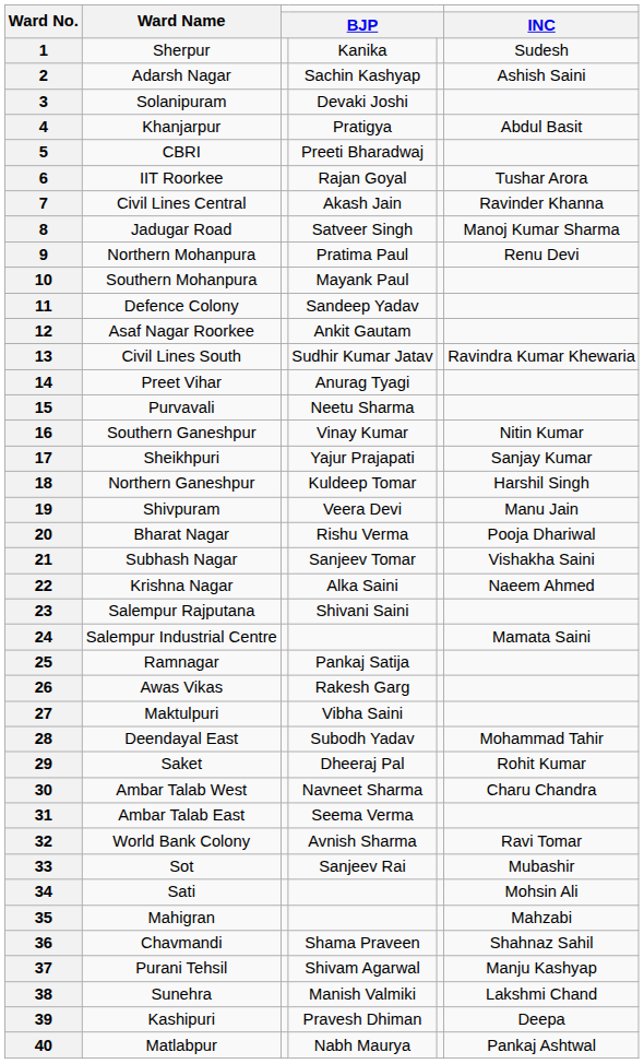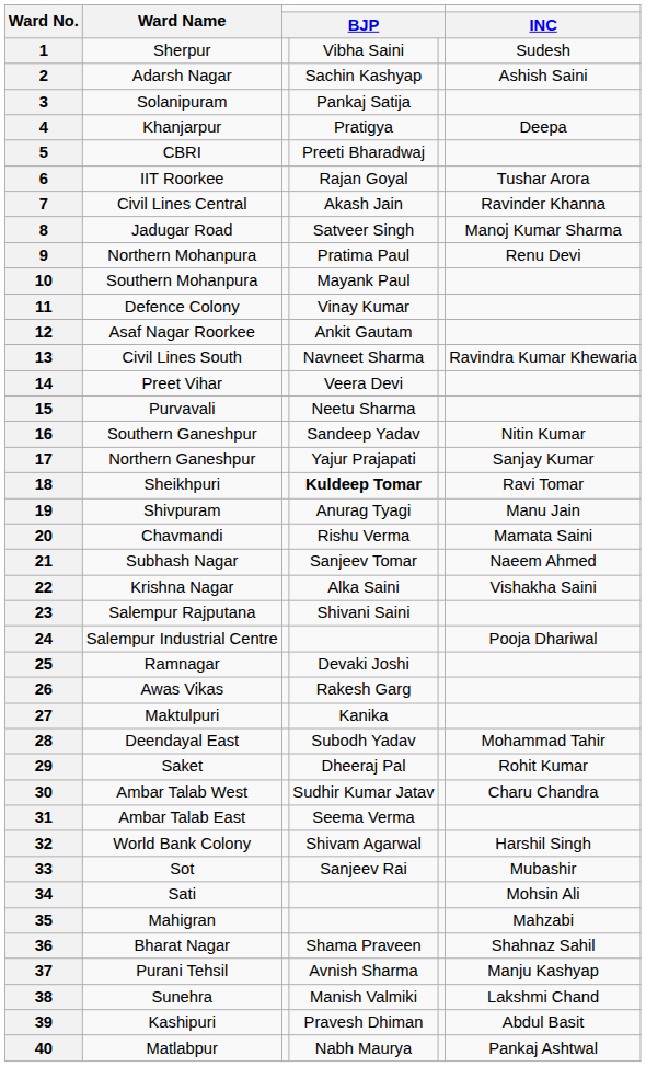 <table class="wikitable sortable" style="text-align:center;">
 <tr>
 <th rowspan="2">Ward No.</th>
 <th rowspan="2">Ward Name</th>
 <td colspan="3" style="background:"></td>
 <td colspan="3" style="background:"></td>
 </tr>
 <tr>
 <th colspan="3"><a href='#'>BJP</a></th>
 <th colspan="3"><a href='#'>INC</a></th>
 </tr>
 <tr>
 <th>1</th>
 <td>Sherpur</td>
 <td></td>
-<td>Kanika</td>
+<td>Vibha Saini</td>
 <td></td>
 <td>Sudesh</td>
 </tr>
 <tr>
 <th>2</th>
 <td>Adarsh Nagar</td>
 <td></td>
 <td>Sachin Kashyap</td>
 <td></td>
 <td>Ashish Saini</td>
 </tr>
 <tr>
 <th>3</th>
 <td>Solanipuram</td>
 <td></td>
-<td>Devaki Joshi</td>
+<td>Pankaj Satija</td>
 <td></td>
 <td></td>
 </tr>
 <tr>
 <th>4</th>
 <td>Khanjarpur</td>
 <td></td>
 <td>Pratigya</td>
 <td></td>
-<td>Abdul Basit</td>
+<td>Deepa</td>
 </tr>
 <tr>
 <th>5</th>
 <td>CBRI</td>
 <td></td>
 <td>Preeti Bharadwaj</td>
 <td></td>
 <td></td>
 </tr>
 <tr>
 <th>6</th>
 <td>IIT Roorkee</td>
 <td></td>
 <td>Rajan Goyal</td>
 <td></td>
 <td>Tushar Arora</td>
 </tr>
 <tr>
 <th>7</th>
 <td>Civil Lines Central</td>
 <td></td>
 <td>Akash Jain</td>
 <td></td>
 <td>Ravinder Khanna</td>
 </tr>
 <tr>
 <th>8</th>
 <td>Jadugar Road</td>
 <td></td>
 <td>Satveer Singh</td>
 <td></td>
 <td>Manoj Kumar Sharma</td>
 </tr>
 <tr>
 <th>9</th>
 <td>Northern Mohanpura</td>
 <td></td>
 <td>Pratima Paul</td>
 <td></td>
 <td>Renu Devi</td>
 </tr>
 <tr>
 <th>10</th>
 <td>Southern Mohanpura</td>
 <td></td>
 <td>Mayank Paul</td>
 <td></td>
 <td></td>
 </tr>
 <tr>
 <th>11</th>
 <td>Defence Colony</td>
 <td></td>
-<td>Sandeep Yadav</td>
+<td>Vinay Kumar</td>
 <td></td>
 <td></td>
 </tr>
 <tr>
 <th>12</th>
 <td>Asaf Nagar Roorkee</td>
 <td></td>
 <td>Ankit Gautam</td>
 <td></td>
 <td></td>
 </tr>
 <tr>
 <th>13</th>
 <td>Civil Lines South</td>
 <td></td>
-<td>Sudhir Kumar Jatav</td>
+<td>Navneet Sharma</td>
 <td></td>
 <td>Ravindra Kumar Khewaria</td>
 </tr>
 <tr>
 <th>14</th>
 <td>Preet Vihar</td>
 <td></td>
-<td>Anurag Tyagi</td>
+<td>Veera Devi</td>
 <td></td>
 <td></td>
 </tr>
 <tr>
 <th>15</th>
 <td>Purvavali</td>
 <td></td>
 <td>Neetu Sharma</td>
 <td></td>
 <td></td>
 </tr>
 <tr>
 <th>16</th>
 <td>Southern Ganeshpur</td>
 <td></td>
-<td>Vinay Kumar</td>
+<td>Sandeep Yadav</td>
 <td></td>
 <td>Nitin Kumar</td>
 </tr>
 <tr>
 <th>17</th>
-<td>Sheikhpuri</td>
+<td>Northern Ganeshpur</td>
 <td></td>
 <td>Yajur Prajapati</td>
 <td></td>
 <td>Sanjay Kumar</td>
 </tr>
 <tr>
 <th>18</th>
-<td>Northern Ganeshpur</td>
+<td>Sheikhpuri</td>
 <td></td>
-<td>Kuldeep Tomar</td>
+<td><strong>Kuldeep Tomar</strong></td>
 <td></td>
-<td>Harshil Singh</td>
+<td>Ravi Tomar</td>
 </tr>
 <tr>
 <th>19</th>
 <td>Shivpuram</td>
 <td></td>
-<td>Veera Devi</td>
+<td>Anurag Tyagi</td>
 <td></td>
 <td>Manu Jain</td>
 </tr>
 <tr>
 <th>20</th>
-<td>Bharat Nagar</td>
+<td>Chavmandi</td>
 <td></td>
 <td>Rishu Verma</td>
 <td></td>
-<td>Pooja Dhariwal</td>
+<td>Mamata Saini</td>
 </tr>
 <tr>
 <th>21</th>
 <td>Subhash Nagar</td>
 <td></td>
 <td>Sanjeev Tomar</td>
 <td></td>
-<td>Vishakha Saini</td>
+<td>Naeem Ahmed</td>
 </tr>
 <tr>
 <th>22</th>
 <td>Krishna Nagar</td>
 <td></td>
 <td>Alka Saini</td>
 <td></td>
-<td>Naeem Ahmed</td>
+<td>Vishakha Saini</td>
 </tr>
 <tr>
 <th>23</th>
 <td>Salempur Rajputana</td>
 <td></td>
 <td>Shivani Saini</td>
 <td></td>
 <td></td>
 </tr>
 <tr>
 <th>24</th>
 <td>Salempur Industrial Centre</td>
 <td></td>
 <td></td>
 <td></td>
-<td>Mamata Saini</td>
+<td>Pooja Dhariwal</td>
 </tr>
 <tr>
 <th>25</th>
 <td>Ramnagar</td>
 <td></td>
-<td>Pankaj Satija</td>
+<td>Devaki Joshi</td>
 <td></td>
 <td></td>
 </tr>
 <tr>
 <th>26</th>
 <td>Awas Vikas</td>
 <td></td>
 <td>Rakesh Garg</td>
 <td></td>
 <td></td>
 </tr>
 <tr>
 <th>27</th>
 <td>Maktulpuri</td>
 <td></td>
-<td>Vibha Saini</td>
+<td>Kanika</td>
 <td></td>
 <td></td>
 </tr>
 <tr>
 <th>28</th>
 <td>Deendayal East</td>
 <td></td>
 <td>Subodh Yadav</td>
 <td></td>
 <td>Mohammad Tahir</td>
 </tr>
 <tr>
 <th>29</th>
 <td>Saket</td>
 <td></td>
 <td>Dheeraj Pal</td>
 <td></td>
 <td>Rohit Kumar</td>
 </tr>
 <tr>
 <th>30</th>
 <td>Ambar Talab West</td>
 <td></td>
-<td>Navneet Sharma</td>
+<td>Sudhir Kumar Jatav</td>
 <td></td>
 <td>Charu Chandra</td>
 </tr>
 <tr>
 <th>31</th>
 <td>Ambar Talab East</td>
 <td></td>
 <td>Seema Verma</td>
 <td></td>
 <td></td>
 </tr>
 <tr>
 <th>32</th>
 <td>World Bank Colony</td>
 <td></td>
-<td>Avnish Sharma</td>
+<td>Shivam Agarwal</td>
 <td></td>
-<td>Ravi Tomar</td>
+<td>Harshil Singh</td>
 </tr>
 <tr>
 <th>33</th>
 <td>Sot</td>
 <td></td>
 <td>Sanjeev Rai</td>
 <td></td>
 <td>Mubashir</td>
 </tr>
 <tr>
 <th>34</th>
 <td>Sati</td>
 <td></td>
 <td></td>
 <td></td>
 <td>Mohsin Ali</td>
 </tr>
 <tr>
 <th>35</th>
 <td>Mahigran</td>
 <td></td>
 <td></td>
 <td></td>
 <td>Mahzabi</td>
 </tr>
 <tr>
 <th>36</th>
-<td>Chavmandi</td>
+<td>Bharat Nagar</td>
 <td></td>
 <td>Shama Praveen</td>
 <td></td>
 <td>Shahnaz Sahil</td>
 </tr>
 <tr>
 <th>37</th>
 <td>Purani Tehsil</td>
 <td></td>
-<td>Shivam Agarwal</td>
+<td>Avnish Sharma</td>
 <td></td>
 <td>Manju Kashyap</td>
 </tr>
 <tr>
 <th>38</th>
 <td>Sunehra</td>
 <td></td>
 <td>Manish Valmiki</td>
 <td></td>
 <td>Lakshmi Chand</td>
 </tr>
 <tr>
 <th>39</th>
 <td>Kashipuri</td>
 <td></td>
 <td>Pravesh Dhiman</td>
 <td></td>
-<td>Deepa</td>
+<td>Abdul Basit</td>
 </tr>
 <tr>
 <th>40</th>
 <td>Matlabpur</td>
 <td></td>
 <td>Nabh Maurya</td>
 <td></td>
 <td>Pankaj Ashtwal</td>
 </tr>
 </table>
